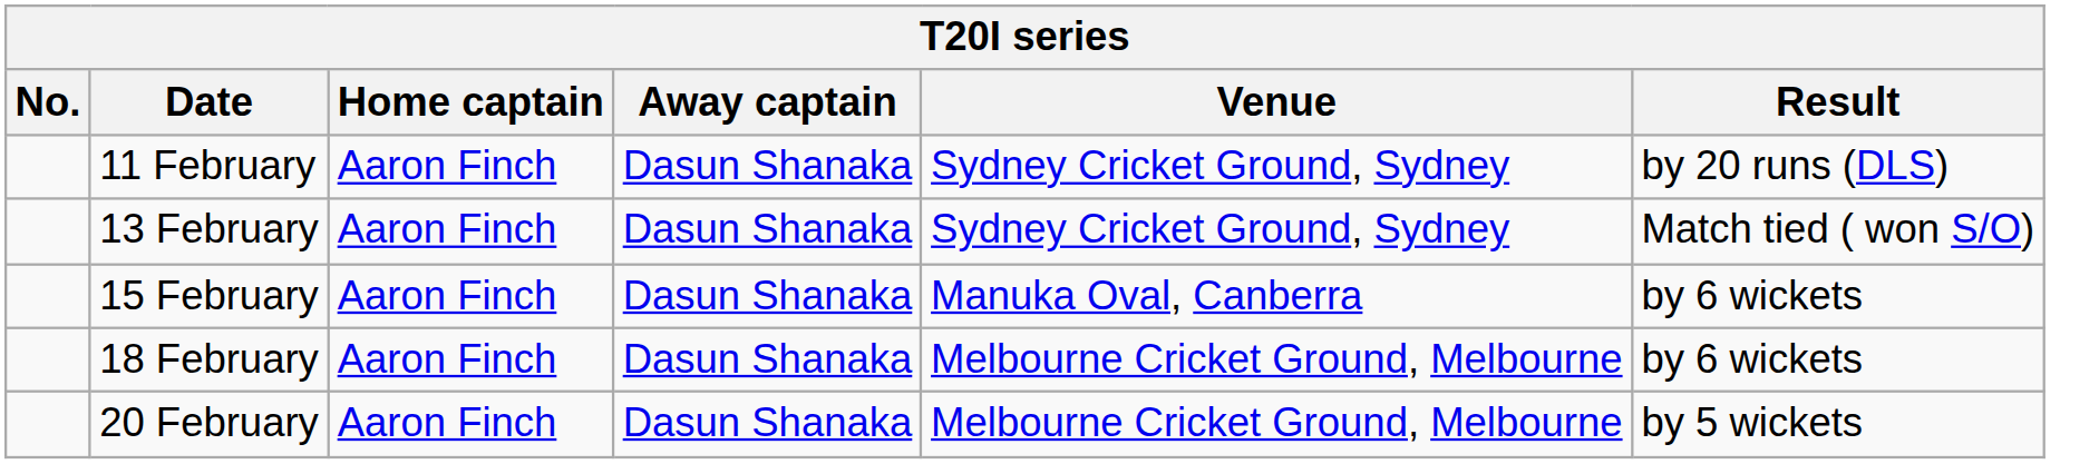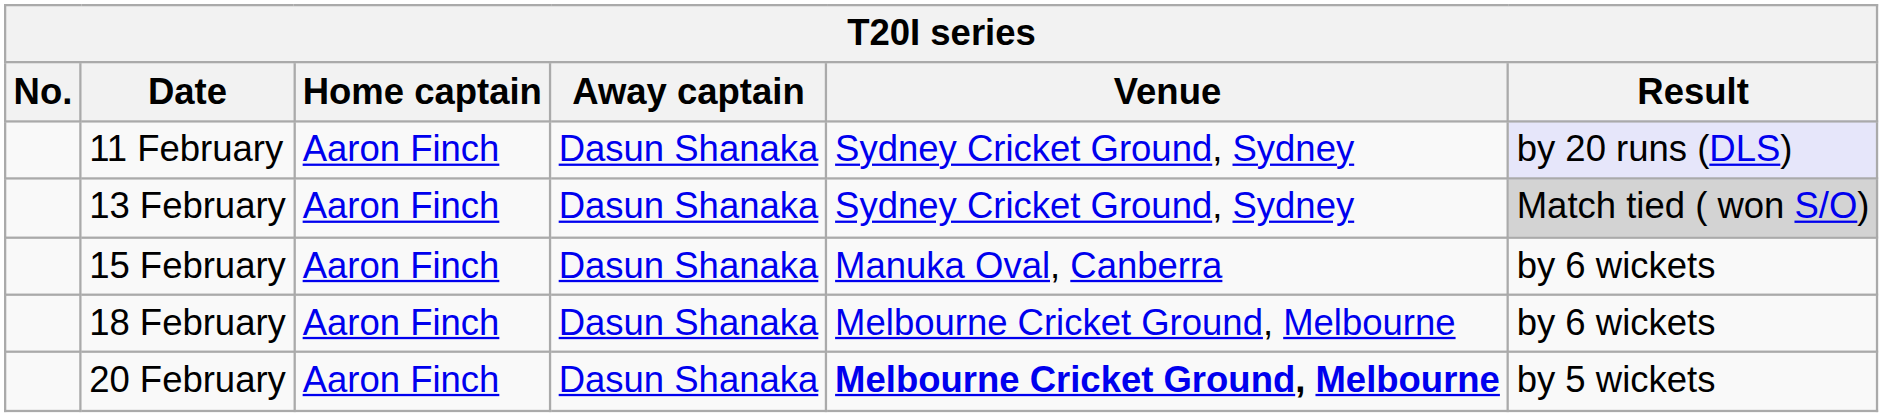 <table class="wikitable">
 <tr>
 <th colspan="9">T20I series</th>
 </tr>
 <tr>
 <th>No.</th>
 <th>Date</th>
 <th>Home captain</th>
 <th>Away captain</th>
 <th>Venue</th>
 <th>Result</th>
 </tr>
 <tr>
 <td></td>
 <td>11 February</td>
 <td><a href='#'>Aaron Finch</a></td>
 <td><a href='#'>Dasun Shanaka</a></td>
 <td><a href='#'>Sydney Cricket Ground</a>, <a href='#'>Sydney</a></td>
-<td> by 20 runs (<a href='#'>DLS</a>)</td>
+<td style="background: lavender;"> by 20 runs (<a href='#'>DLS</a>)</td>
 </tr>
 <tr>
 <td></td>
 <td>13 February</td>
 <td><a href='#'>Aaron Finch</a></td>
 <td><a href='#'>Dasun Shanaka</a></td>
 <td><a href='#'>Sydney Cricket Ground</a>, <a href='#'>Sydney</a></td>
-<td>Match tied ( won <a href='#'>S/O</a>)</td>
+<td style="background: lightgrey;">Match tied ( won <a href='#'>S/O</a>)</td>
 </tr>
 <tr>
 <td></td>
 <td>15 February</td>
 <td><a href='#'>Aaron Finch</a></td>
 <td><a href='#'>Dasun Shanaka</a></td>
 <td><a href='#'>Manuka Oval</a>, <a href='#'>Canberra</a></td>
 <td> by 6 wickets</td>
 </tr>
 <tr>
 <td></td>
 <td>18 February</td>
 <td><a href='#'>Aaron Finch</a></td>
 <td><a href='#'>Dasun Shanaka</a></td>
 <td><a href='#'>Melbourne Cricket Ground</a>, <a href='#'>Melbourne</a></td>
 <td> by 6 wickets</td>
 </tr>
 <tr>
 <td></td>
 <td>20 February</td>
 <td><a href='#'>Aaron Finch</a></td>
 <td><a href='#'>Dasun Shanaka</a></td>
-<td><a href='#'>Melbourne Cricket Ground</a>, <a href='#'>Melbourne</a></td>
+<td><strong><a href='#'>Melbourne Cricket Ground</a>, <a href='#'>Melbourne</a></strong></td>
 <td> by 5 wickets</td>
 </tr>
 </table>
